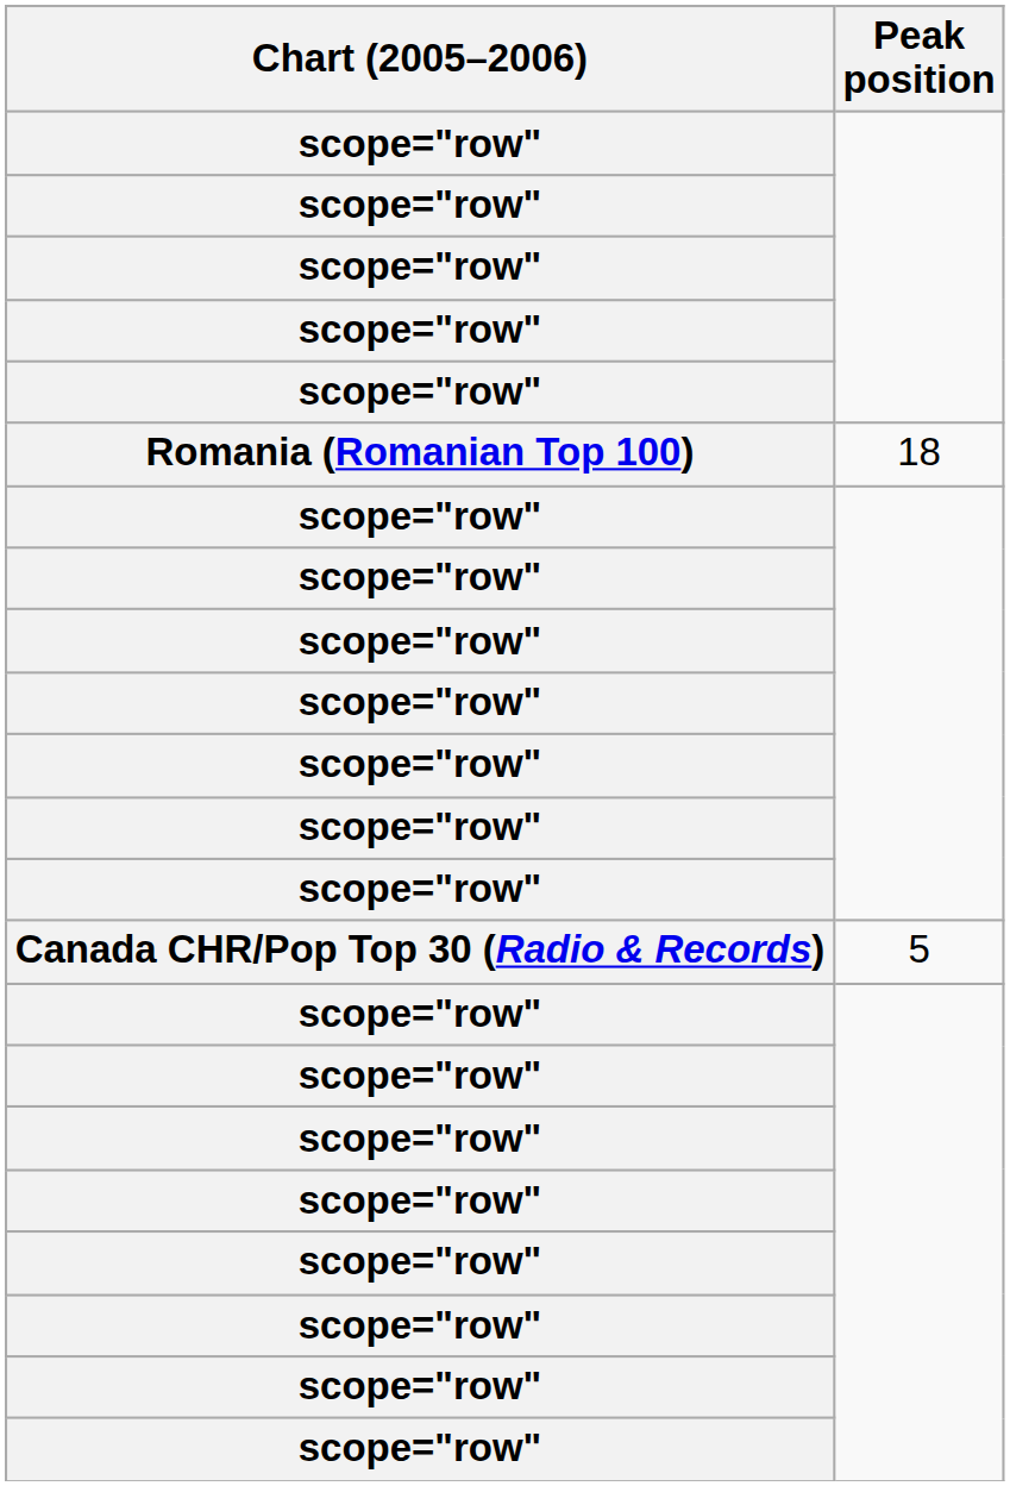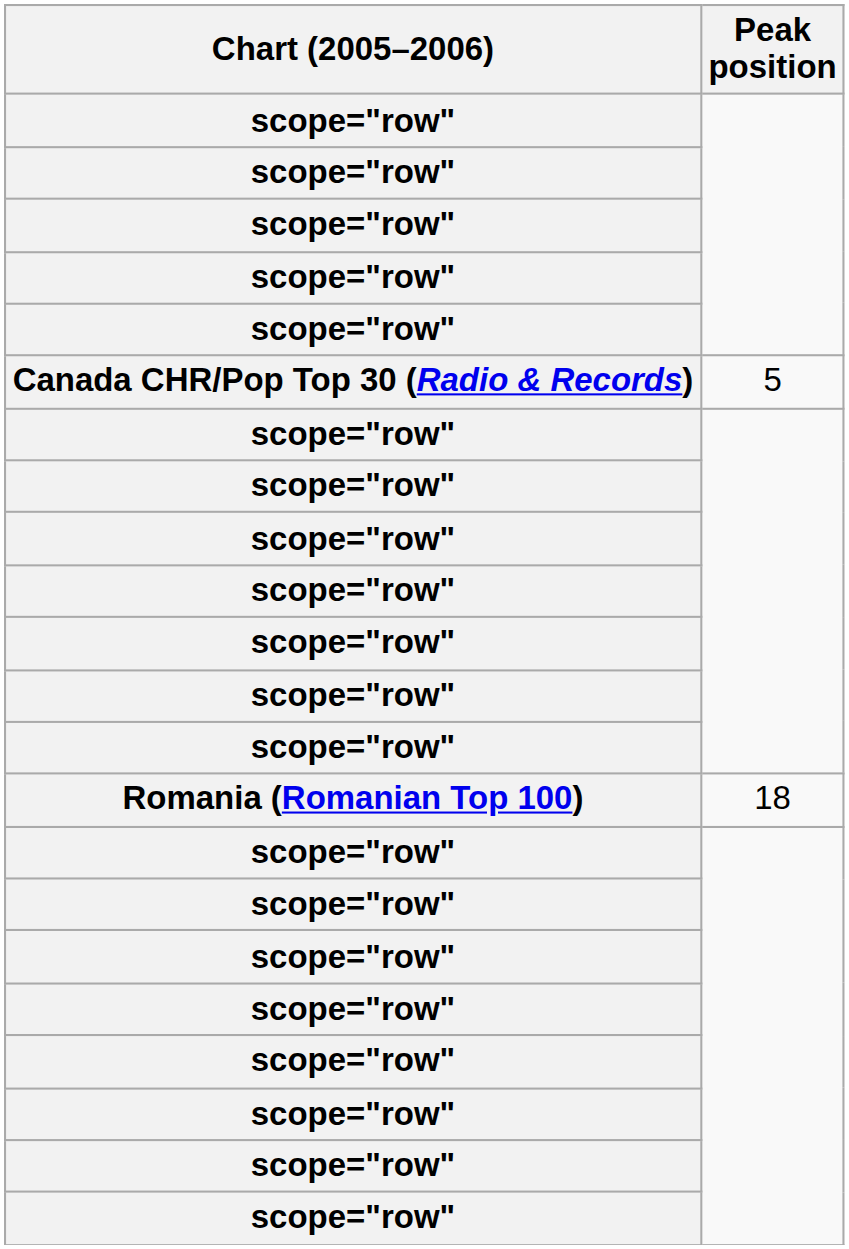 <table class="wikitable sortable plainrowheaders">
 <tr>
 <th scope="col">Chart (2005–2006)</th>
 <th scope="col">Peak<br>position</th>
+</tr>
+<tr>
+<th>scope="row"</th>
+</tr>
+<tr>
+<th>scope="row"</th>
+</tr>
+<tr>
+<th>scope="row"</th>
+</tr>
+<tr>
+<th>scope="row"</th>
+</tr>
+<tr>
+<th>scope="row"</th>
+</tr>
+<tr>
+<th scope="row">Canada CHR/Pop Top 30 (<em><a href='#'>Radio & Records</a></em>)</th>
+<td style="text-align:center;">5</td>
+</tr>
+<tr>
+<th>scope="row"</th>
+</tr>
+<tr>
+<th>scope="row"</th>
 </tr>
 <tr>
 <th>scope="row"</th>
 </tr>
 <tr>
 <th>scope="row"</th>
 </tr>
 <tr>
 <th>scope="row"</th>
 </tr>
 <tr>
 <th>scope="row"</th>
 </tr>
 <tr>
 <th>scope="row"</th>
 </tr>
 <tr>
 <th scope="row">Romania (<a href='#'>Romanian Top 100</a>)</th>
 <td style="text-align:center;">18</td>
 </tr>
 <tr>
 <th>scope="row"</th>
 </tr>
 <tr>
 <th>scope="row"</th>
 </tr>
 <tr>
 <th>scope="row"</th>
 </tr>
 <tr>
 <th>scope="row"</th>
 </tr>
 <tr>
 <th>scope="row"</th>
 </tr>
 <tr>
 <th>scope="row"</th>
 </tr>
 <tr>
 <th>scope="row"</th>
 </tr>
 <tr>
-<th scope="row">Canada CHR/Pop Top 30 (<em><a href='#'>Radio & Records</a></em>)</th>
-<td style="text-align:center;">5</td>
-</tr>
-<tr>
-<th>scope="row"</th>
-</tr>
-<tr>
-<th>scope="row"</th>
-</tr>
-<tr>
-<th>scope="row"</th>
-</tr>
-<tr>
-<th>scope="row"</th>
-</tr>
-<tr>
-<th>scope="row"</th>
-</tr>
-<tr>
-<th>scope="row"</th>
-</tr>
-<tr>
-<th>scope="row"</th>
-</tr>
-<tr>
 <th>scope="row"</th>
 </tr>
 </table>
